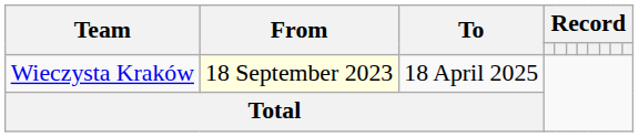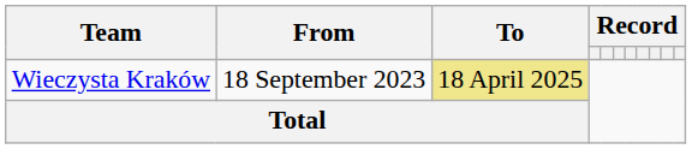 <table class="wikitable" style="text-align: center;">
 <tr>
 <th rowspan="2">Team</th>
 <th rowspan="2">From</th>
 <th rowspan="2">To</th>
 <th colspan="8">Record</th>
 </tr>
 <tr>
 <th></th>
 <th></th>
 <th></th>
 <th></th>
 <th></th>
 <th></th>
 <th></th>
 <th></th>
 </tr>
 <tr>
 <td align=left><a href='#'>Wieczysta Kraków</a></td>
-<td align=left style="background: lightyellow;">18 September 2023</td>
-<td align=left>18 April 2025<br></td>
+<td align=left>18 September 2023</td>
+<td align=left style="background: khaki;">18 April 2025<br></td>
 </tr>
 <tr>
 <th colspan="3">Total<br></th>
 </tr>
 </table>
